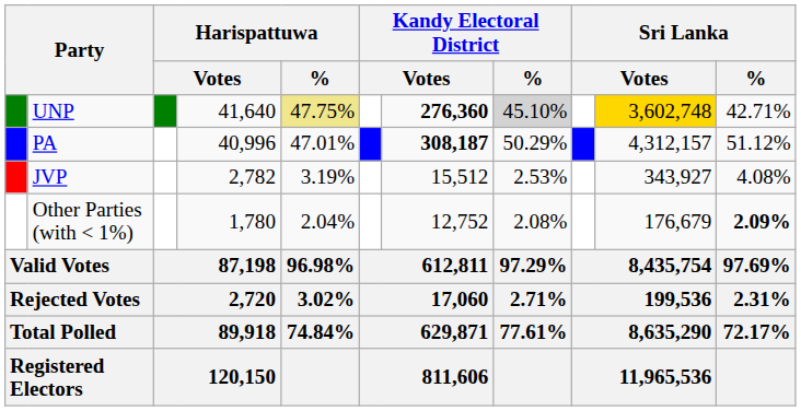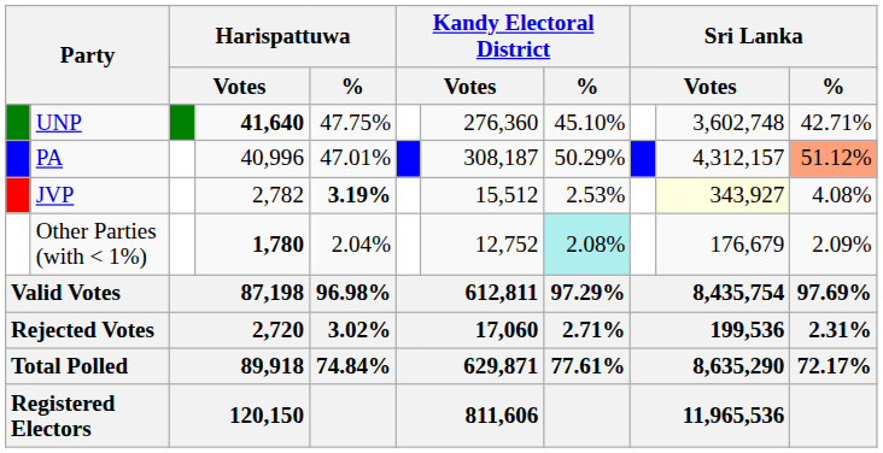 <table class="wikitable">
 <tr>
 <th colspan="2" width="144px"rowspan="2">Party</th>
 <th colspan="3" width="216px">Harispattuwa</th>
 <th colspan="3" width="216px"><a href='#'>Kandy Electoral District</a></th>
 <th colspan="3" width="216px">Sri Lanka</th>
 </tr>
 <tr>
 <th colspan="2" width="144px">Votes</th>
 <th>%</th>
 <th colspan="2" width="144px">Votes</th>
 <th>%</th>
 <th colspan="2" width="144px">Votes</th>
 <th>%</th>
 </tr>
 <tr>
 <td style="background-color:green;" width="10px"></td>
 <td style="text-align:left;"><a href='#'>UNP</a></td>
 <td style="background-color:green;" width="10px"></td>
-<td style="text-align:right;">41,640</td>
-<td style="background: khaki; text-align:right;">47.75%</td>
+<td style="text-align:right;"><strong>41,640</strong></td>
+<td style="text-align:right;">47.75%</td>
 <td style="background-color:white;" width="10px"></td>
-<td style="text-align:right;"><strong>276,360</strong></td>
-<td style="background: lightgrey; text-align:right;">45.10%</td>
+<td style="text-align:right;">276,360</td>
+<td style="text-align:right;">45.10%</td>
 <td style="background-color:white;" width="10px"></td>
-<td style="background: gold; text-align:right;">3,602,748</td>
+<td style="text-align:right;">3,602,748</td>
 <td style="text-align:right;">42.71%</td>
 </tr>
 <tr>
 <td style="background-color:blue;" width="10px"></td>
 <td style="text-align:left;"><a href='#'>PA</a></td>
 <td style="background-color:white;" width="10px"></td>
 <td style="text-align:right;">40,996</td>
 <td style="text-align:right;">47.01%</td>
 <td style="background-color:blue;" width="10px"></td>
-<td style="text-align:right;"><strong>308,187</strong></td>
+<td style="text-align:right;">308,187</td>
 <td style="text-align:right;">50.29%</td>
 <td style="background-color:blue;" width="10px"></td>
 <td style="text-align:right;">4,312,157</td>
-<td style="text-align:right;">51.12%</td>
+<td style="background: lightsalmon; text-align:right;">51.12%</td>
 </tr>
 <tr>
 <td style="background-color:red;" width="10px"></td>
 <td style="text-align:left;"><a href='#'>JVP</a></td>
 <td style="background-color:white;" width="10px"></td>
 <td style="text-align:right;">2,782</td>
-<td style="text-align:right;">3.19%</td>
+<td style="text-align:right;"><strong>3.19%</strong></td>
 <td style="background-color:white;" width="10px"></td>
 <td style="text-align:right;">15,512</td>
 <td style="text-align:right;">2.53%</td>
 <td style="background-color:white;" width="10px"></td>
-<td style="text-align:right;">343,927</td>
+<td style="background: lightyellow; text-align:right;">343,927</td>
 <td style="text-align:right;">4.08%</td>
 </tr>
 <tr>
 <td style="background-color:white;" width="10px"></td>
 <td style="text-align:left;">Other Parties (with < 1%)</td>
 <td style="background-color:white;" width="10px"></td>
-<td style="text-align:right;">1,780</td>
+<td style="text-align:right;"><strong>1,780</strong></td>
 <td style="text-align:right;">2.04%</td>
 <td style="background-color:white;" width="10px"></td>
 <td style="text-align:right;">12,752</td>
-<td style="text-align:right;">2.08%</td>
+<td style="background: paleturquoise; text-align:right;">2.08%</td>
 <td style="background-color:white;" width="10px"></td>
 <td style="text-align:right;">176,679</td>
-<td style="text-align:right;"><strong>2.09%</strong></td>
+<td style="text-align:right;">2.09%</td>
 </tr>
 <tr>
 <th colspan="2" width="144px"style="text-align:left;">Valid Votes</th>
 <th style="text-align:right;"colspan="2" width="144px">87,198</th>
 <th style="text-align:right;">96.98%</th>
 <th style="text-align:right;"colspan="2" width="144px">612,811</th>
 <th style="text-align:right;">97.29%</th>
 <th style="text-align:right;"colspan="2" width="144px">8,435,754</th>
 <th style="text-align:right;">97.69%</th>
 </tr>
 <tr>
 <th colspan="2" width="144px"style="text-align:left;">Rejected Votes</th>
 <th style="text-align:right;"colspan="2" width="144px">2,720</th>
 <th style="text-align:right;">3.02%</th>
 <th style="text-align:right;"colspan="2" width="144px">17,060</th>
 <th style="text-align:right;">2.71%</th>
 <th style="text-align:right;"colspan="2" width="144px">199,536</th>
 <th style="text-align:right;">2.31%</th>
 </tr>
 <tr>
 <th colspan="2" width="144px"style="text-align:left;">Total Polled</th>
 <th style="text-align:right;"colspan="2" width="144px">89,918</th>
 <th style="text-align:right;">74.84%</th>
 <th style="text-align:right;"colspan="2" width="144px">629,871</th>
 <th style="text-align:right;">77.61%</th>
 <th style="text-align:right;"colspan="2" width="144px">8,635,290</th>
 <th style="text-align:right;">72.17%</th>
 </tr>
 <tr>
 <th colspan="2" width="144px"style="text-align:left;">Registered Electors</th>
 <th style="text-align:right;"colspan="2" width="144px">120,150</th>
 <th></th>
 <th style="text-align:right;"colspan="2" width="144px">811,606</th>
 <th></th>
 <th style="text-align:right;"colspan="2" width="144px">11,965,536</th>
 <th></th>
 </tr>
 </table>
